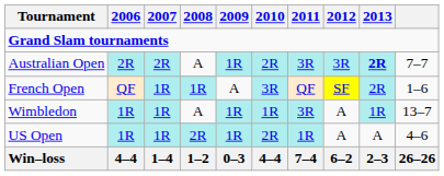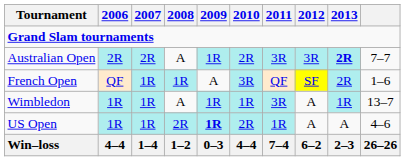 <table class=wikitable style=text-align:center;font-size:97%>
 <tr>
 <th>Tournament</th>
 <th><a href='#'>2006</a></th>
 <th><a href='#'>2007</a></th>
 <th><a href='#'>2008</a></th>
 <th><a href='#'>2009</a></th>
 <th><a href='#'>2010</a></th>
 <th><a href='#'>2011</a></th>
 <th><a href='#'>2012</a></th>
 <th><a href='#'>2013</a></th>
 <th></th>
 </tr>
 <tr>
 <td colspan=12 align=left><strong><a href='#'>Grand Slam tournaments</a></strong></td>
 </tr>
 <tr>
 <td align=left><a href='#'>Australian Open</a></td>
 <td bgcolor=afeeee><a href='#'>2R</a></td>
 <td bgcolor=afeeee><a href='#'>2R</a></td>
 <td>A</td>
 <td bgcolor=afeeee><a href='#'>1R</a></td>
 <td bgcolor=afeeee><a href='#'>2R</a></td>
 <td bgcolor=afeeee><a href='#'>3R</a></td>
 <td bgcolor=afeeee><a href='#'>3R</a></td>
 <td bgcolor=afeeee><strong><a href='#'>2R</a></strong></td>
 <td>7–7</td>
 </tr>
 <tr>
 <td align=left><a href='#'>French Open</a></td>
 <td bgcolor=ffebcd><a href='#'>QF</a></td>
 <td bgcolor=afeeee><a href='#'>1R</a></td>
 <td bgcolor=afeeee><a href='#'>1R</a></td>
 <td>A</td>
 <td bgcolor=afeeee><a href='#'>3R</a></td>
 <td bgcolor=ffebcd><a href='#'>QF</a></td>
 <td bgcolor=yellow><a href='#'>SF</a></td>
 <td bgcolor=afeeee><a href='#'>2R</a></td>
 <td>1–6</td>
 </tr>
 <tr>
 <td align=left><a href='#'>Wimbledon</a></td>
 <td bgcolor=afeeee><a href='#'>1R</a></td>
 <td bgcolor=afeeee><a href='#'>1R</a></td>
 <td>A</td>
 <td bgcolor=afeeee><a href='#'>1R</a></td>
 <td bgcolor=afeeee><a href='#'>1R</a></td>
 <td bgcolor=afeeee><a href='#'>3R</a></td>
 <td>A</td>
 <td bgcolor=afeeee><a href='#'>1R</a></td>
 <td>13–7</td>
 </tr>
 <tr>
 <td align=left><a href='#'>US Open</a></td>
 <td bgcolor=afeeee><a href='#'>1R</a></td>
 <td bgcolor=afeeee><a href='#'>1R</a></td>
 <td bgcolor=afeeee><a href='#'>2R</a></td>
-<td bgcolor=afeeee><a href='#'>1R</a></td>
+<td bgcolor=afeeee><strong><a href='#'>1R</a></strong></td>
 <td bgcolor=afeeee><a href='#'>2R</a></td>
 <td bgcolor=afeeee><a href='#'>1R</a></td>
 <td>A</td>
 <td>A</td>
 <td>4–6</td>
 </tr>
 <tr>
 <th style=text-align:left>Win–loss</th>
 <th>4–4</th>
 <th>1–4</th>
 <th>1–2</th>
 <th>0–3</th>
 <th>4–4</th>
 <th>7–4</th>
 <th>6–2</th>
 <th>2–3</th>
 <th>26–26</th>
 </tr>
 </table>
